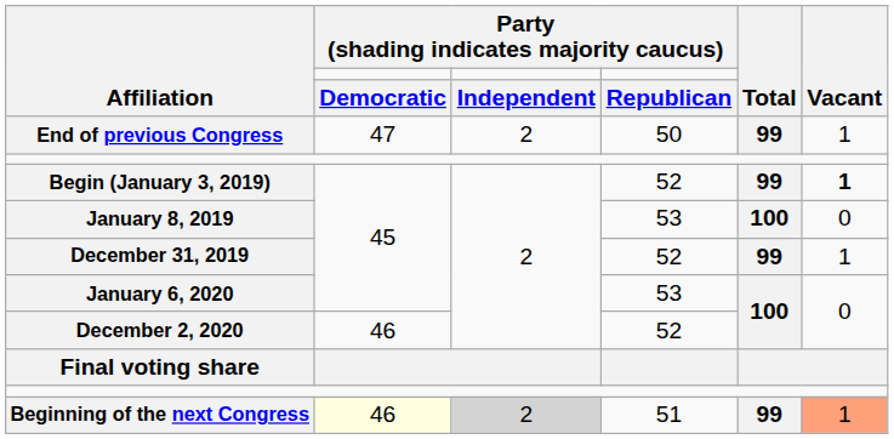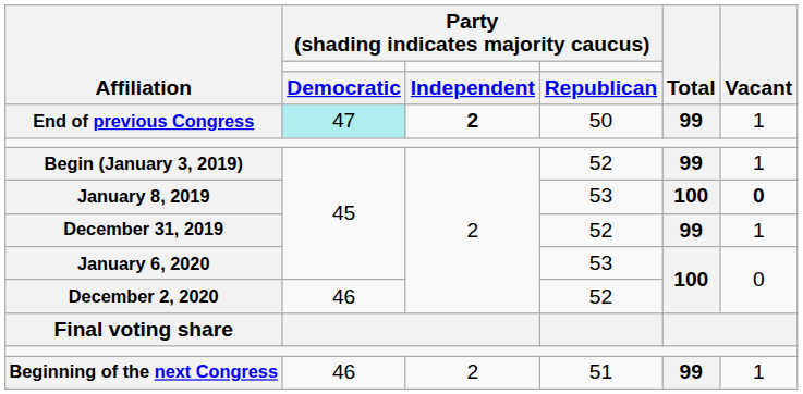 <table class="wikitable" style="text-align:center">
 <tr style="vertical-align:bottom">
 <th rowspan=3>Affiliation</th>
 <th colspan=3>Party<div>(shading indicates majority caucus)</div></th>
 <th rowspan=3>Total</th>
 <th rowspan=3>Vacant</th>
 </tr>
 <tr style="height:5px">
 <td style="background-color:"></td>
 <td style="background-color:"></td>
 <td style="background-color:"></td>
 </tr>
 <tr>
 <th><a href='#'>Democratic</a></th>
 <th><a href='#'>Independent</a><br></th>
 <th><a href='#'>Republican</a></th>
 </tr>
 <tr>
 <th style="font-size:85%">End of <a href='#'>previous Congress</a></th>
-<td>47</td>
-<td>2</td>
+<td style="background: paleturquoise;">47</td>
+<td><strong>2</strong></td>
 <td>50</td>
 <th>99</th>
 <td>1</td>
 </tr>
 <tr>
 <td colspan=8></td>
 </tr>
 <tr>
 <th style="font-size:85%">Begin (January 3, 2019)</th>
 <td rowspan=4>45</td>
 <td rowspan=5>2</td>
 <td>52</td>
 <th>99</th>
-<td><strong>1</strong></td>
+<td>1</td>
 </tr>
 <tr>
 <th style="font-size:85%">January 8, 2019</th>
 <td>53</td>
 <th>100</th>
-<td>0</td>
+<td><strong>0</strong></td>
 </tr>
 <tr>
 <th style="font-size:85%">December 31, 2019</th>
 <td>52</td>
 <th>99</th>
 <td>1</td>
 </tr>
 <tr>
 <th style="font-size:85%">January 6, 2020</th>
 <td>53</td>
 <th rowspan=2>100</th>
 <td rowspan=2>0</td>
 </tr>
 <tr>
 <th style="font-size:85%">December 2, 2020</th>
 <td>46</td>
 <td>52</td>
 </tr>
 <tr>
 <th>Final voting share</th>
 <th colspan=2></th>
 <th></th>
 <th colspan=2></th>
 </tr>
 <tr>
 <td colspan=6></td>
 </tr>
 <tr>
 <th style="white-space:nowrap; font-size:85%;">Beginning of the <a href='#'>next Congress</a></th>
-<td style="background: lightyellow;">46</td>
-<td style="background: lightgrey;">2</td>
+<td>46</td>
+<td>2</td>
 <td>51</td>
 <th>99</th>
-<td style="background: lightsalmon;">1</td>
+<td>1</td>
 </tr>
 </table>
